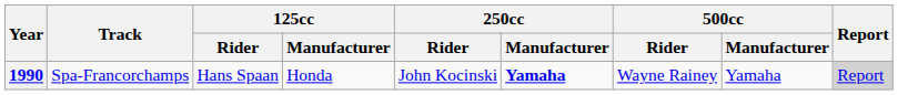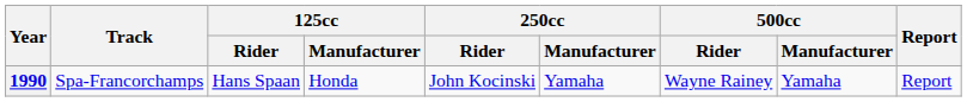 <table class="wikitable" style="font-size: 95%;">
 <tr>
 <th rowspan=2>Year</th>
 <th rowspan=2>Track</th>
 <th colspan=2>125cc</th>
 <th colspan=2>250cc</th>
 <th colspan=2>500cc</th>
 <th rowspan=2>Report</th>
 </tr>
 <tr>
 <th>Rider</th>
 <th>Manufacturer</th>
 <th>Rider</th>
 <th>Manufacturer</th>
 <th>Rider</th>
 <th>Manufacturer</th>
 </tr>
 <tr>
 <th><a href='#'>1990</a></th>
 <td><a href='#'>Spa-Francorchamps</a></td>
 <td> <a href='#'>Hans Spaan</a></td>
 <td><a href='#'>Honda</a></td>
 <td> <a href='#'>John Kocinski</a></td>
-<td><strong><a href='#'>Yamaha</a></strong></td>
+<td><a href='#'>Yamaha</a></td>
 <td> <a href='#'>Wayne Rainey</a></td>
 <td><a href='#'>Yamaha</a></td>
-<td style="background: lightgrey;"><a href='#'>Report</a></td>
+<td><a href='#'>Report</a></td>
 </tr>
 </table>
